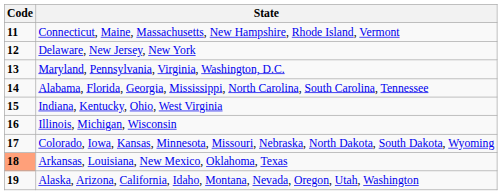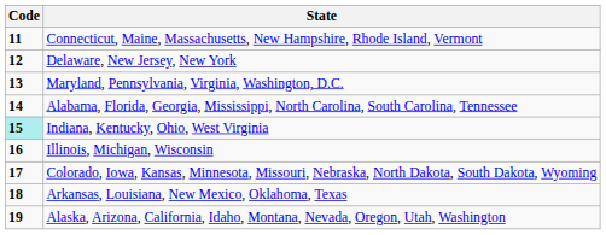 <table class="wikitable sortable">
 <tr>
 <th>Code</th>
 <th>State</th>
 </tr>
 <tr>
 <td><strong>11</strong></td>
 <td><a href='#'>Connecticut</a>, <a href='#'>Maine</a>, <a href='#'>Massachusetts</a>, <a href='#'>New Hampshire</a>, <a href='#'>Rhode Island</a>, <a href='#'>Vermont</a></td>
 </tr>
 <tr>
 <td><strong>12</strong></td>
 <td><a href='#'>Delaware</a>, <a href='#'>New Jersey</a>, <a href='#'>New York</a></td>
 </tr>
 <tr>
 <td><strong>13</strong></td>
 <td><a href='#'>Maryland</a>, <a href='#'>Pennsylvania</a>, <a href='#'>Virginia</a>, <a href='#'>Washington, D.C.</a></td>
 </tr>
 <tr>
 <td><strong>14</strong></td>
 <td><a href='#'>Alabama</a>, <a href='#'>Florida</a>, <a href='#'>Georgia</a>, <a href='#'>Mississippi</a>, <a href='#'>North Carolina</a>, <a href='#'>South Carolina</a>, <a href='#'>Tennessee</a></td>
 </tr>
 <tr>
-<td><strong>15</strong></td>
+<td style="background: paleturquoise;"><strong>15</strong></td>
 <td><a href='#'>Indiana</a>, <a href='#'>Kentucky</a>, <a href='#'>Ohio</a>, <a href='#'>West Virginia</a></td>
 </tr>
 <tr>
 <td><strong>16</strong></td>
 <td><a href='#'>Illinois</a>, <a href='#'>Michigan</a>, <a href='#'>Wisconsin</a></td>
 </tr>
 <tr>
 <td><strong>17</strong></td>
 <td><a href='#'>Colorado</a>, <a href='#'>Iowa</a>, <a href='#'>Kansas</a>, <a href='#'>Minnesota</a>, <a href='#'>Missouri</a>, <a href='#'>Nebraska</a>, <a href='#'>North Dakota</a>, <a href='#'>South Dakota</a>, <a href='#'>Wyoming</a></td>
 </tr>
 <tr>
-<td style="background: lightsalmon;"><strong>18</strong></td>
+<td><strong>18</strong></td>
 <td><a href='#'>Arkansas</a>, <a href='#'>Louisiana</a>, <a href='#'>New Mexico</a>, <a href='#'>Oklahoma</a>, <a href='#'>Texas</a></td>
 </tr>
 <tr>
 <td><strong>19</strong></td>
 <td><a href='#'>Alaska</a>, <a href='#'>Arizona</a>, <a href='#'>California</a>, <a href='#'>Idaho</a>, <a href='#'>Montana</a>, <a href='#'>Nevada</a>, <a href='#'>Oregon</a>, <a href='#'>Utah</a>, <a href='#'>Washington</a></td>
 </tr>
 </table>
